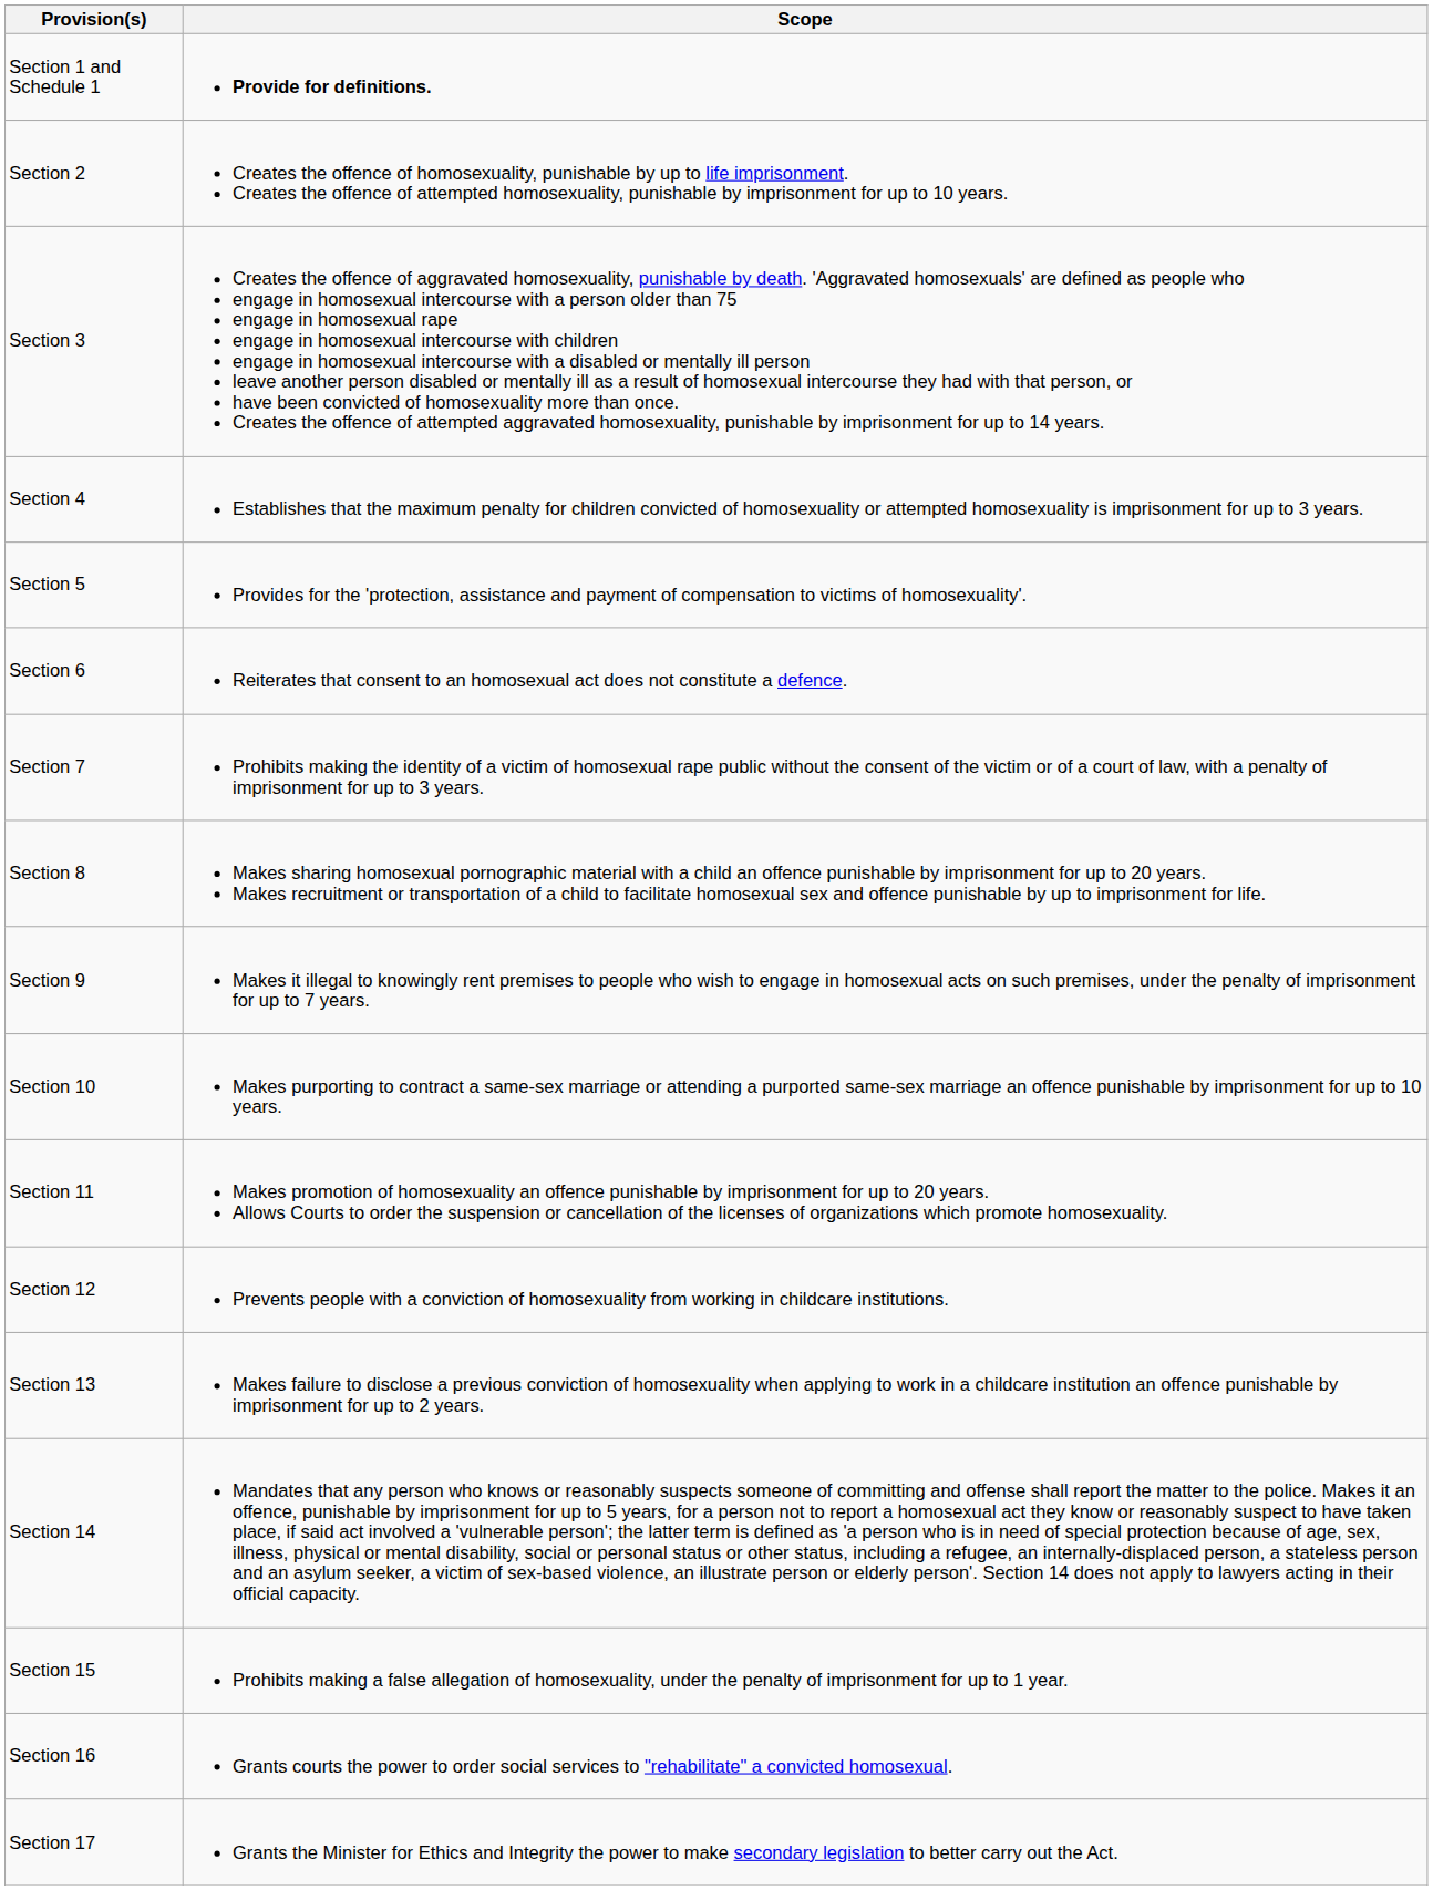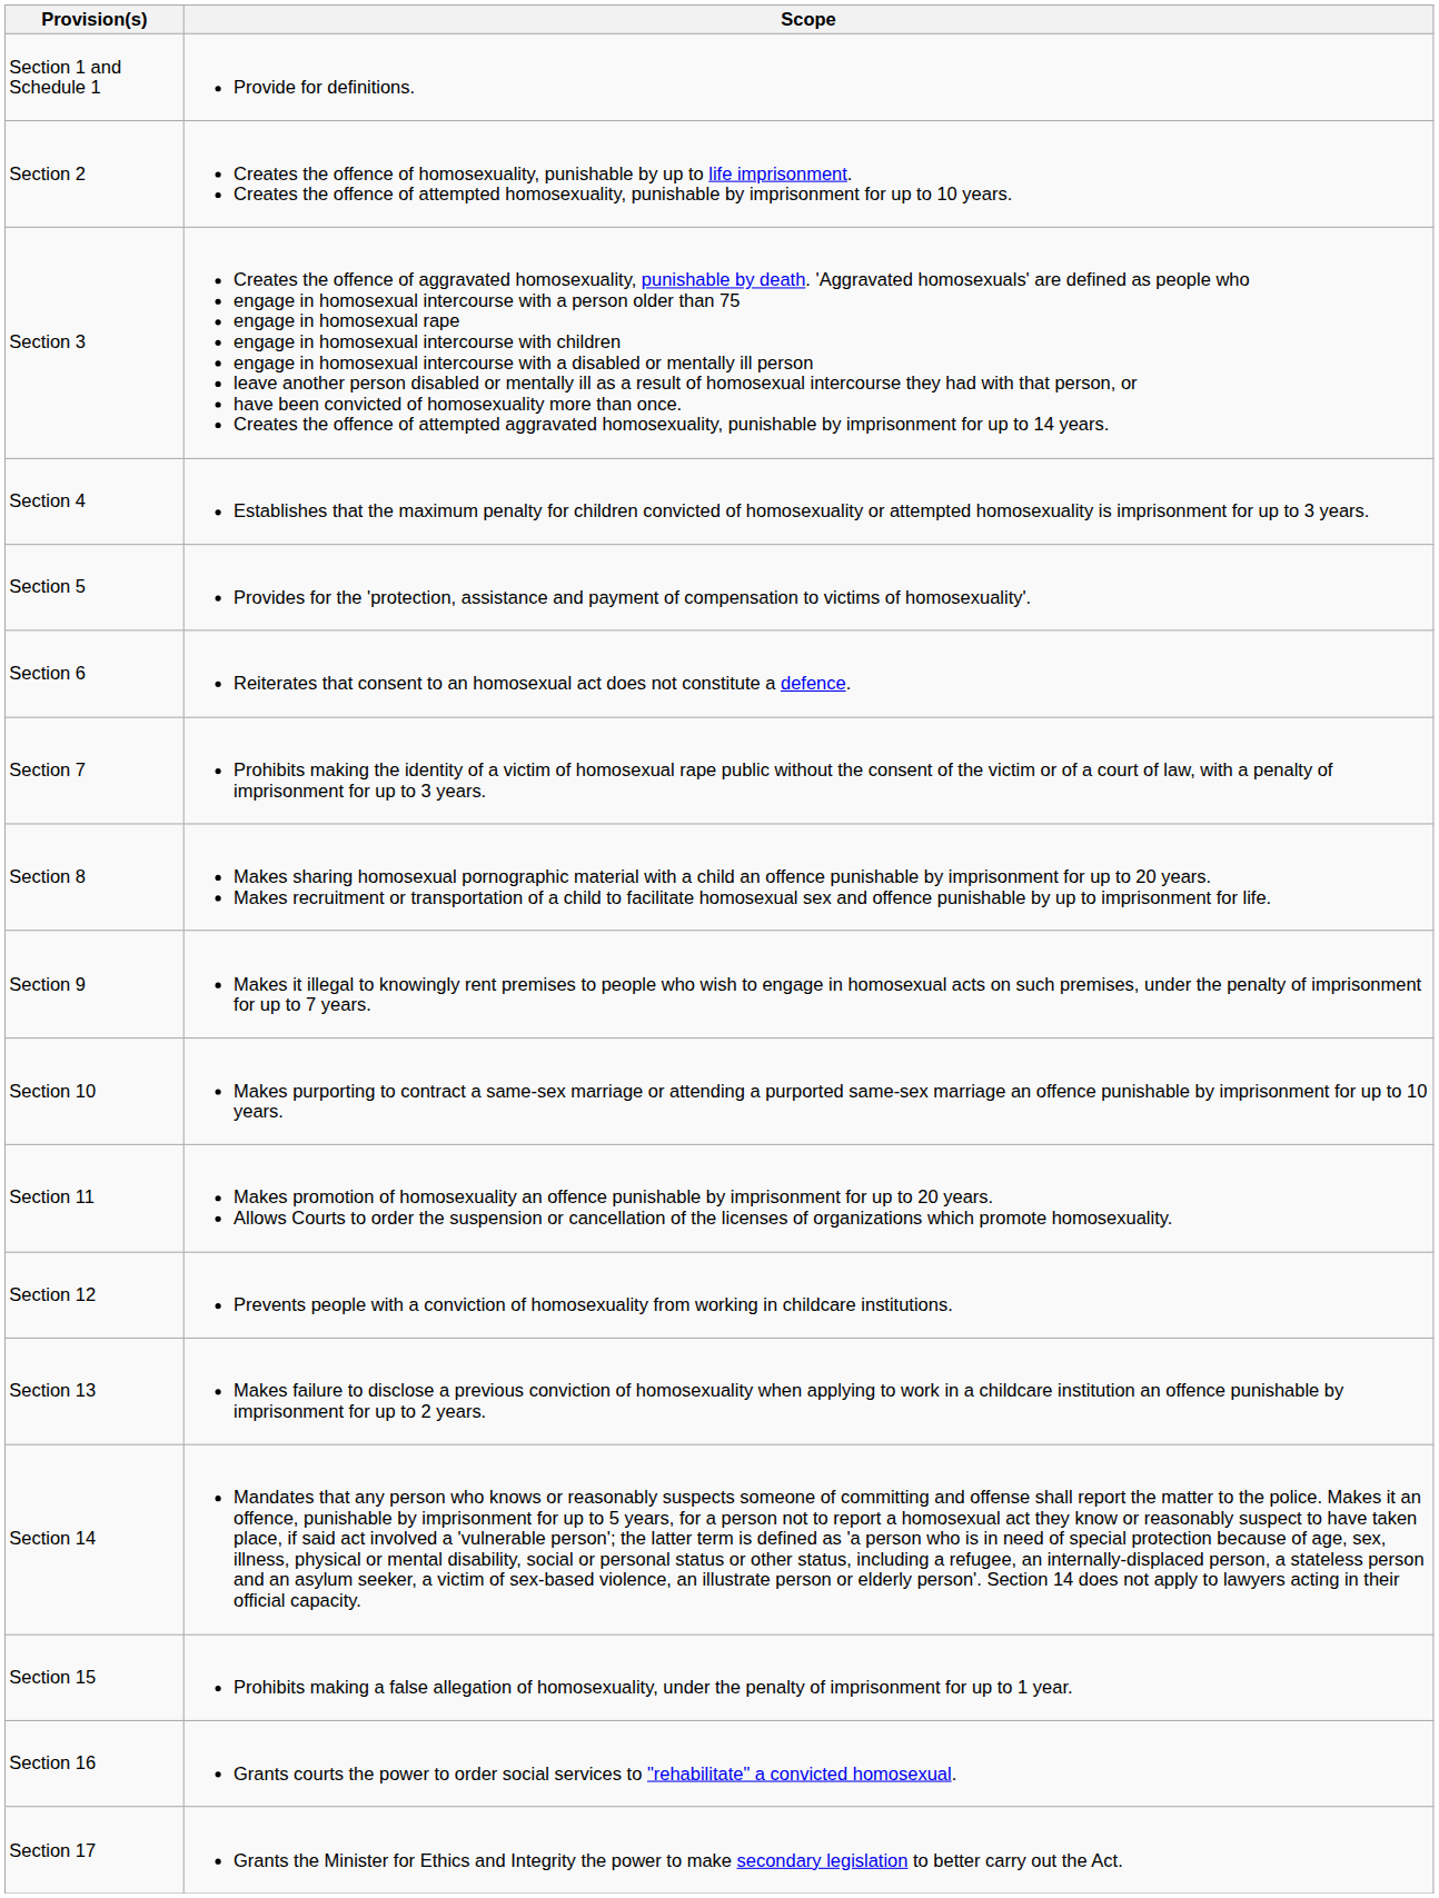 <table class="wikitable">
 <tr>
 <th style="width:10%;">Provision(s)</th>
 <th style="width:70%;">Scope</th>
 </tr>
 <tr>
 <td>Section 1 and Schedule 1</td>
-<td><strong><br><ul><li>Provide for definitions.</li></ul></strong></td>
+<td><br><ul><li>Provide for definitions.</li></ul></td>
 </tr>
 <tr>
 <td>Section 2</td>
 <td><br><ul><li>Creates the offence of homosexuality, punishable by up to <a href='#'>life imprisonment</a>.</li><li>Creates the offence of attempted homosexuality, punishable by imprisonment for up to 10 years.</li></ul></td>
 </tr>
 <tr>
 <td>Section 3</td>
 <td><br><ul><li>Creates the offence of aggravated homosexuality, <a href='#'>punishable by death</a>. 'Aggravated homosexuals' are defined as people who</li><li>engage in homosexual intercourse with a person older than 75</li><li>engage in homosexual rape</li><li>engage in homosexual intercourse with children</li><li>engage in homosexual intercourse with a disabled or mentally ill person</li><li>leave another person disabled or mentally ill as a result of homosexual intercourse they had with that person, or</li><li>have been convicted of homosexuality more than once.</li><li>Creates the offence of attempted aggravated homosexuality, punishable by imprisonment for up to 14 years.</li></ul></td>
 </tr>
 <tr>
 <td>Section 4</td>
 <td><br><ul><li>Establishes that the maximum penalty for children convicted of homosexuality or attempted homosexuality is imprisonment for up to 3 years.</li></ul></td>
 </tr>
 <tr>
 <td>Section 5</td>
 <td><br><ul><li>Provides for the 'protection, assistance and payment of compensation to victims of homosexuality'.</li></ul></td>
 </tr>
 <tr>
 <td>Section 6</td>
 <td><br><ul><li>Reiterates that consent to an homosexual act does not constitute a <a href='#'>defence</a>.</li></ul></td>
 </tr>
 <tr>
 <td>Section 7</td>
 <td><br><ul><li>Prohibits making the identity of a victim of homosexual rape public without the consent of the victim or of a court of law, with a penalty of imprisonment for up to 3 years.</li></ul></td>
 </tr>
 <tr>
 <td>Section 8</td>
 <td><br><ul><li>Makes sharing homosexual pornographic material with a child an offence punishable by imprisonment for up to 20 years.</li><li>Makes recruitment or transportation of a child to facilitate homosexual sex and offence punishable by up to imprisonment for life.</li></ul></td>
 </tr>
 <tr>
 <td>Section 9</td>
 <td><br><ul><li>Makes it illegal to knowingly rent premises to people who wish to engage in homosexual acts on such premises, under the penalty of imprisonment for up to 7 years.</li></ul></td>
 </tr>
 <tr>
 <td>Section 10</td>
 <td><br><ul><li>Makes purporting to contract a same-sex marriage or attending a purported same-sex marriage an offence punishable by imprisonment for up to 10 years.</li></ul></td>
 </tr>
 <tr>
 <td>Section 11</td>
 <td><br><ul><li>Makes promotion of homosexuality an offence punishable by imprisonment for up to 20 years.</li><li>Allows Courts to order the suspension or cancellation of the licenses of organizations which promote homosexuality.</li></ul></td>
 </tr>
 <tr>
 <td>Section 12</td>
 <td><br><ul><li>Prevents people with a conviction of homosexuality from working in childcare institutions.</li></ul></td>
 </tr>
 <tr>
 <td>Section 13</td>
 <td><br><ul><li>Makes failure to disclose a previous conviction of homosexuality when applying to work in a childcare institution an offence punishable by imprisonment for up to 2 years.</li></ul></td>
 </tr>
 <tr>
 <td>Section 14</td>
 <td><br><ul><li>Mandates that any person who knows or reasonably suspects someone of committing and offense shall report the matter to the police. Makes it an offence, punishable by imprisonment for up to 5 years, for a person not to report a homosexual act they know or reasonably suspect to have taken place, if said act involved a 'vulnerable person'; the latter term is defined as 'a person who is in need of special protection because of age, sex, illness, physical or mental disability, social or personal status or other status, including a refugee, an internally-displaced person, a stateless person and an asylum seeker, a victim of sex-based violence, an illustrate person or elderly person'. Section 14 does not apply to lawyers acting in their official capacity.</li></ul></td>
 </tr>
 <tr>
 <td>Section 15</td>
 <td><br><ul><li>Prohibits making a false allegation of homosexuality, under the penalty of imprisonment for up to 1 year.</li></ul></td>
 </tr>
 <tr>
 <td>Section 16</td>
 <td><br><ul><li>Grants courts the power to order social services to <a href='#'>"rehabilitate" a convicted homosexual</a>.</li></ul></td>
 </tr>
 <tr>
 <td>Section 17</td>
 <td><br><ul><li>Grants the Minister for Ethics and Integrity the power to make <a href='#'>secondary legislation</a> to better carry out the Act.</li></ul></td>
 </tr>
 </table>
